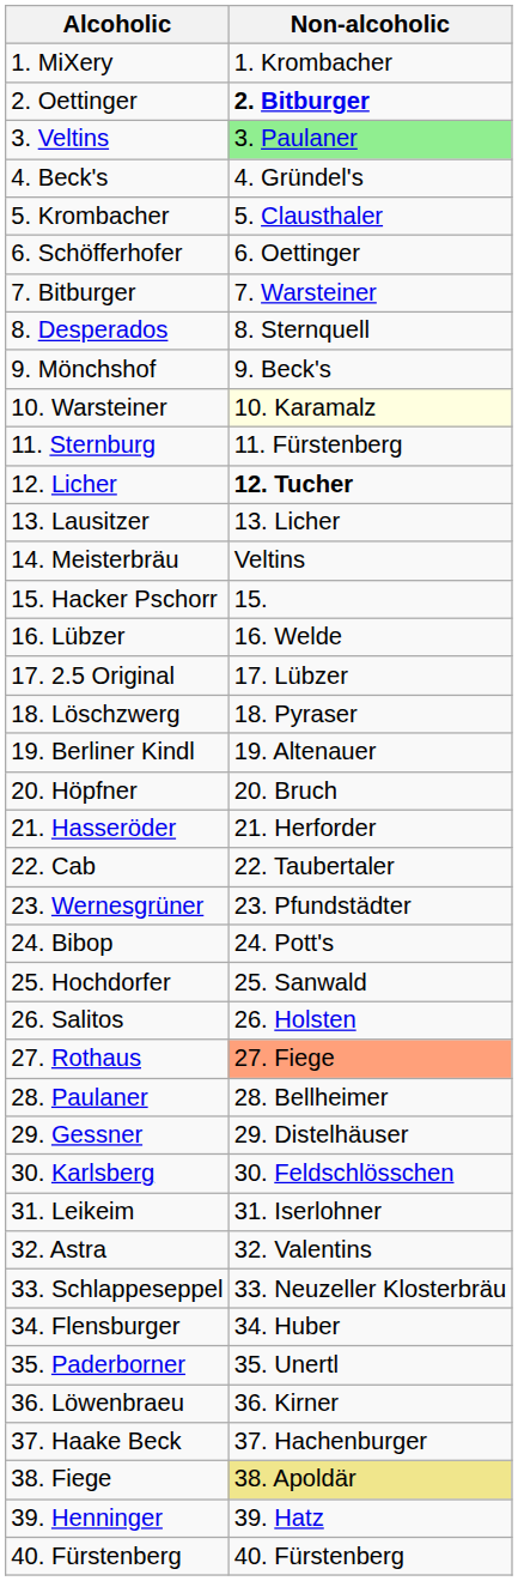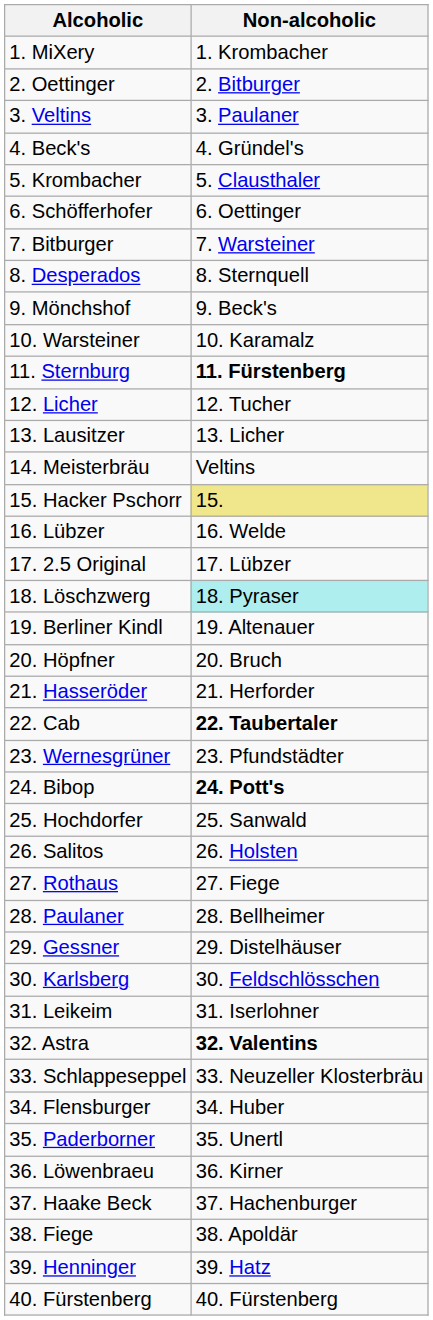 <table class="wikitable">
 <tr>
 <th>Alcoholic</th>
 <th>Non-alcoholic</th>
 </tr>
 <tr>
 <td>1. MiXery</td>
 <td>1. Krombacher</td>
 </tr>
 <tr>
 <td>2. Oettinger</td>
-<td><strong>2. <a href='#'>Bitburger</a></strong></td>
+<td>2. <a href='#'>Bitburger</a></td>
 </tr>
 <tr>
 <td>3. <a href='#'>Veltins</a></td>
-<td style="background: lightgreen;">3. <a href='#'>Paulaner</a></td>
+<td>3. <a href='#'>Paulaner</a></td>
 </tr>
 <tr>
 <td>4. Beck's</td>
 <td>4. Gründel's</td>
 </tr>
 <tr>
 <td>5. Krombacher</td>
 <td>5. <a href='#'>Clausthaler</a></td>
 </tr>
 <tr>
 <td>6. Schöfferhofer</td>
 <td>6. Oettinger</td>
 </tr>
 <tr>
 <td>7. Bitburger</td>
 <td>7. <a href='#'>Warsteiner</a></td>
 </tr>
 <tr>
 <td>8. <a href='#'>Desperados</a></td>
 <td>8. Sternquell</td>
 </tr>
 <tr>
 <td>9. Mönchshof</td>
 <td>9. Beck's</td>
 </tr>
 <tr>
 <td>10. Warsteiner</td>
-<td style="background: lightyellow;">10. Karamalz</td>
+<td>10. Karamalz</td>
 </tr>
 <tr>
 <td>11. <a href='#'>Sternburg</a></td>
-<td>11. Fürstenberg</td>
+<td><strong>11. Fürstenberg</strong></td>
 </tr>
 <tr>
 <td>12. <a href='#'>Licher</a></td>
-<td><strong>12. Tucher</strong></td>
+<td>12. Tucher</td>
 </tr>
 <tr>
 <td>13. Lausitzer</td>
 <td>13. Licher</td>
 </tr>
 <tr>
 <td>14. Meisterbräu</td>
 <td>Veltins</td>
 </tr>
 <tr>
 <td>15. Hacker Pschorr</td>
-<td>15. </td>
+<td style="background: khaki;">15. </td>
 </tr>
 <tr>
 <td>16. Lübzer</td>
 <td>16. Welde</td>
 </tr>
 <tr>
 <td>17. 2.5 Original</td>
 <td>17. Lübzer</td>
 </tr>
 <tr>
 <td>18. Löschzwerg</td>
-<td>18. Pyraser</td>
+<td style="background: paleturquoise;">18. Pyraser</td>
 </tr>
 <tr>
 <td>19. Berliner Kindl</td>
 <td>19. Altenauer</td>
 </tr>
 <tr>
 <td>20. Höpfner</td>
 <td>20. Bruch</td>
 </tr>
 <tr>
 <td>21. <a href='#'>Hasseröder</a></td>
 <td>21. Herforder</td>
 </tr>
 <tr>
 <td>22. Cab</td>
-<td>22. Taubertaler</td>
+<td><strong>22. Taubertaler</strong></td>
 </tr>
 <tr>
 <td>23. <a href='#'>Wernesgrüner</a></td>
 <td>23. Pfundstädter</td>
 </tr>
 <tr>
 <td>24. Bibop</td>
-<td>24. Pott's</td>
+<td><strong>24. Pott's</strong></td>
 </tr>
 <tr>
 <td>25. Hochdorfer</td>
 <td>25. Sanwald</td>
 </tr>
 <tr>
 <td>26. Salitos</td>
 <td>26. <a href='#'>Holsten</a></td>
 </tr>
 <tr>
 <td>27. <a href='#'>Rothaus</a></td>
-<td style="background: lightsalmon;">27. Fiege</td>
+<td>27. Fiege</td>
 </tr>
 <tr>
 <td>28. <a href='#'>Paulaner</a></td>
 <td>28. Bellheimer</td>
 </tr>
 <tr>
 <td>29. <a href='#'>Gessner</a></td>
 <td>29. Distelhäuser</td>
 </tr>
 <tr>
 <td>30. <a href='#'>Karlsberg</a></td>
 <td>30. <a href='#'>Feldschlösschen</a></td>
 </tr>
 <tr>
 <td>31. Leikeim</td>
 <td>31. Iserlohner</td>
 </tr>
 <tr>
 <td>32. Astra</td>
-<td>32. Valentins</td>
+<td><strong>32. Valentins</strong></td>
 </tr>
 <tr>
 <td>33. Schlappeseppel</td>
 <td>33. Neuzeller Klosterbräu</td>
 </tr>
 <tr>
 <td>34. Flensburger</td>
 <td>34. Huber</td>
 </tr>
 <tr>
 <td>35. <a href='#'>Paderborner</a></td>
 <td>35. Unertl</td>
 </tr>
 <tr>
 <td>36. Löwenbraeu</td>
 <td>36. Kirner</td>
 </tr>
 <tr>
 <td>37. Haake Beck</td>
 <td>37. Hachenburger</td>
 </tr>
 <tr>
 <td>38. Fiege</td>
-<td style="background: khaki;">38. Apoldär</td>
+<td>38. Apoldär</td>
 </tr>
 <tr>
 <td>39. <a href='#'>Henninger</a></td>
 <td>39. <a href='#'>Hatz</a></td>
 </tr>
 <tr>
 <td>40. Fürstenberg</td>
 <td>40. Fürstenberg</td>
 </tr>
 </table>
